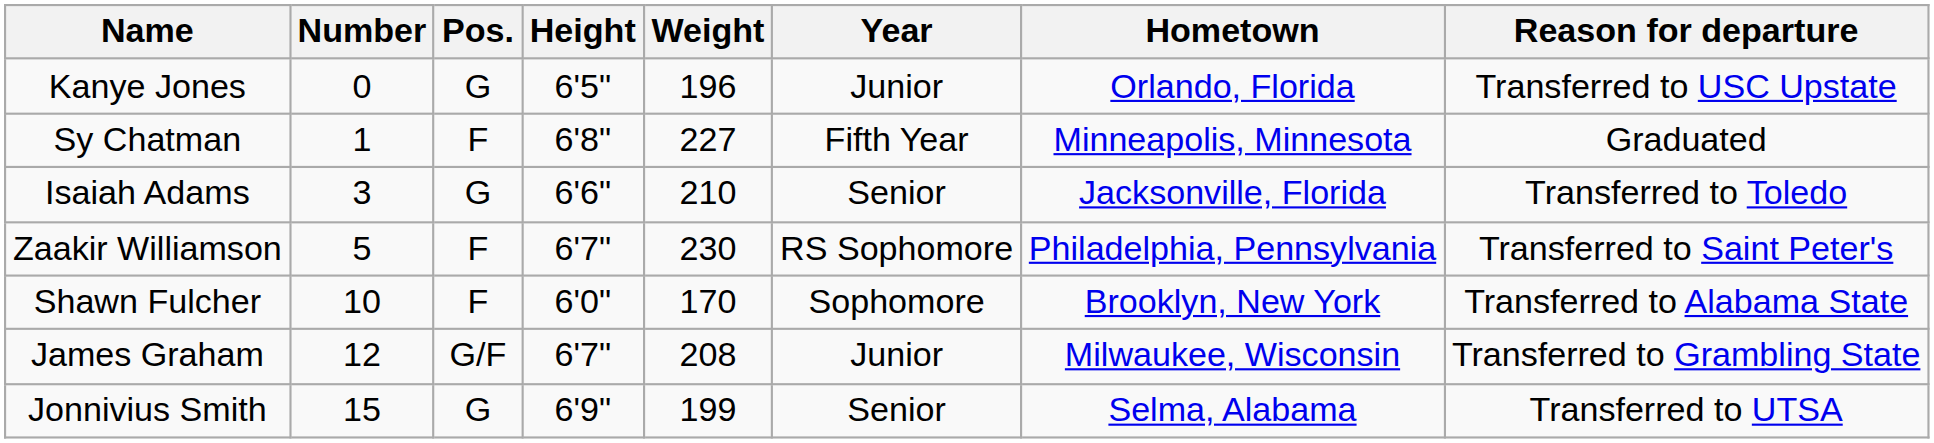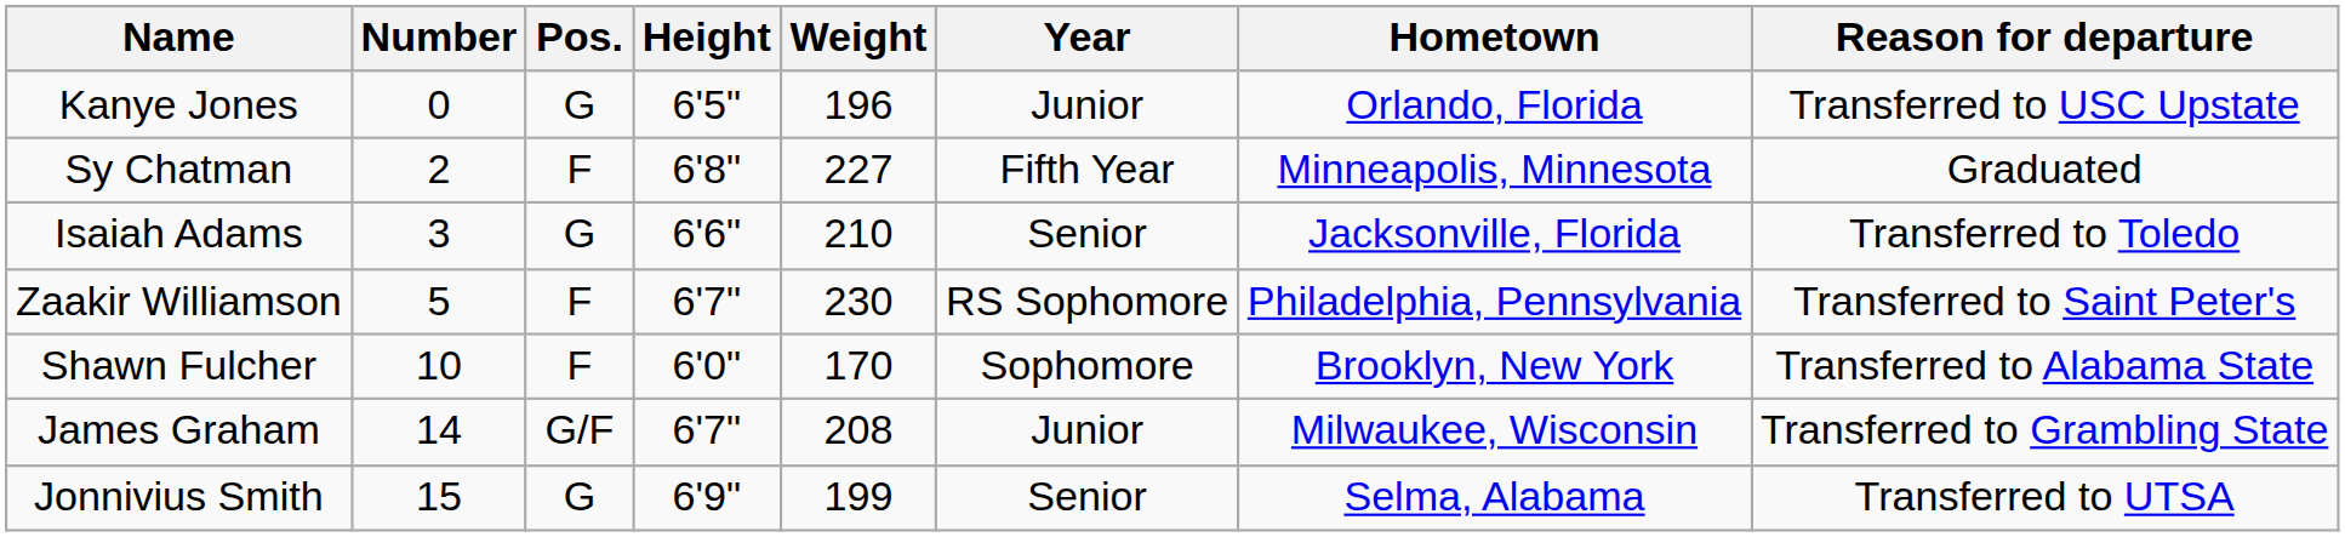 <table class="wikitable sortable" style="text-align:center">
 <tr align=center>
 <th>Name</th>
 <th>Number</th>
 <th>Pos.</th>
 <th>Height</th>
 <th>Weight</th>
 <th>Year</th>
 <th>Hometown</th>
 <th class="unsortable">Reason for departure</th>
 </tr>
 <tr>
 <td>Kanye Jones</td>
 <td>0</td>
 <td>G</td>
 <td>6'5"</td>
 <td>196</td>
 <td>Junior</td>
 <td><a href='#'>Orlando, Florida</a></td>
 <td>Transferred to <a href='#'>USC Upstate</a></td>
 </tr>
 <tr>
 <td>Sy Chatman</td>
-<td>1</td>
+<td>2</td>
 <td>F</td>
 <td>6'8"</td>
 <td>227</td>
 <td>Fifth Year</td>
 <td><a href='#'>Minneapolis, Minnesota</a></td>
 <td>Graduated</td>
 </tr>
 <tr>
 <td>Isaiah Adams</td>
 <td>3</td>
 <td>G</td>
 <td>6'6"</td>
 <td>210</td>
 <td>Senior</td>
 <td><a href='#'>Jacksonville, Florida</a></td>
 <td>Transferred to <a href='#'>Toledo</a></td>
 </tr>
 <tr>
 <td>Zaakir Williamson</td>
 <td>5</td>
 <td>F</td>
 <td>6'7"</td>
 <td>230</td>
 <td>RS Sophomore</td>
 <td><a href='#'>Philadelphia, Pennsylvania</a></td>
 <td>Transferred to <a href='#'>Saint Peter's</a></td>
 </tr>
 <tr>
 <td>Shawn Fulcher</td>
 <td>10</td>
 <td>F</td>
 <td>6'0"</td>
 <td>170</td>
 <td>Sophomore</td>
 <td><a href='#'>Brooklyn, New York</a></td>
 <td>Transferred to <a href='#'>Alabama State</a></td>
 </tr>
 <tr>
 <td>James Graham</td>
-<td>12</td>
+<td>14</td>
 <td>G/F</td>
 <td>6'7"</td>
 <td>208</td>
 <td>Junior</td>
 <td><a href='#'>Milwaukee, Wisconsin</a></td>
 <td>Transferred to <a href='#'>Grambling State</a></td>
 </tr>
 <tr>
 <td>Jonnivius Smith</td>
 <td>15</td>
 <td>G</td>
 <td>6'9"</td>
 <td>199</td>
 <td>Senior</td>
 <td><a href='#'>Selma, Alabama</a></td>
 <td>Transferred to <a href='#'>UTSA</a></td>
 </tr>
 </table>
